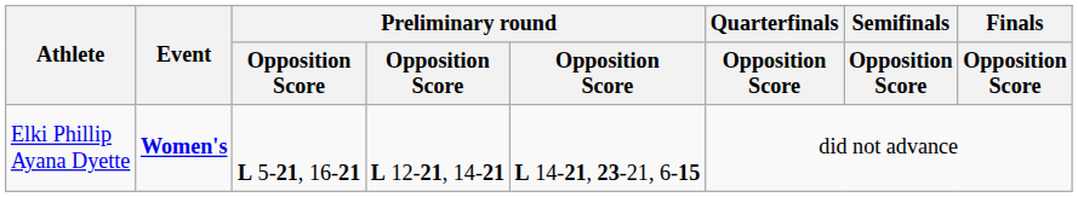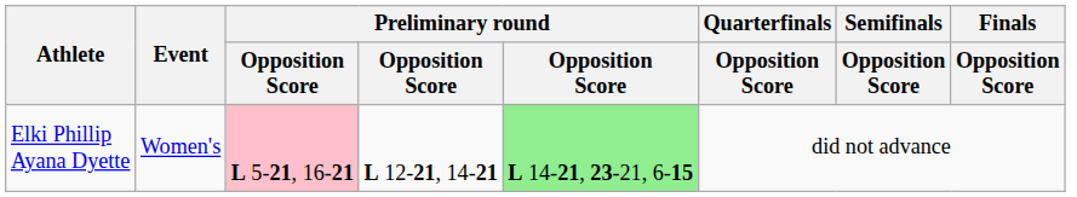 <table class="wikitable" border="1" style="font-size:90%">
 <tr>
 <th rowspan=2>Athlete</th>
 <th rowspan=2>Event</th>
 <th colspan=3>Preliminary round</th>
 <th>Quarterfinals</th>
 <th>Semifinals</th>
 <th>Finals</th>
 </tr>
 <tr>
 <th>Opposition<br>Score</th>
 <th>Opposition<br>Score</th>
 <th>Opposition<br>Score</th>
 <th>Opposition<br>Score</th>
 <th>Opposition<br>Score</th>
 <th>Opposition<br>Score</th>
 </tr>
 <tr>
 <td><a href='#'>Elki Phillip</a> <br> <a href='#'>Ayana Dyette</a></td>
-<td><strong><a href='#'>Women's</a></strong></td>
-<td><br><br><strong>L</strong> 5-<strong>21</strong>, 16-<strong>21</strong></td>
+<td><a href='#'>Women's</a></td>
+<td style="background: pink;"><br><br><strong>L</strong> 5-<strong>21</strong>, 16-<strong>21</strong></td>
 <td><br><br><strong>L</strong> 12-<strong>21</strong>, 14-<strong>21</strong></td>
-<td><br><br><strong>L</strong> 14-<strong>21</strong>, <strong>23</strong>-21, 6-<strong>15</strong></td>
+<td style="background: lightgreen;"><br><br><strong>L</strong> 14-<strong>21</strong>, <strong>23</strong>-21, 6-<strong>15</strong></td>
 <td align="center" colspan="7">did not advance</td>
 </tr>
 </table>
